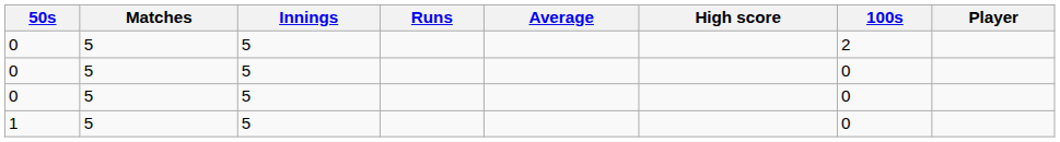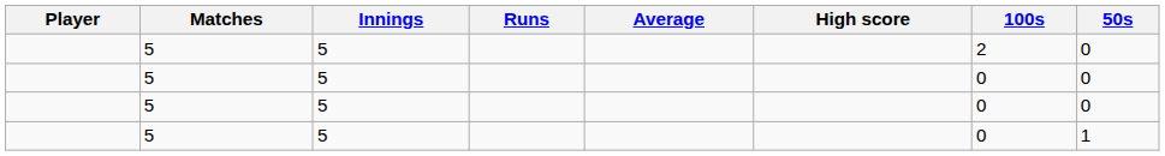 <table class="wikitable sortable" style="width:80%;">
 <tr>
-<th><a href='#'>50s</a></th>
+<th>Player</th>
 <th>Matches</th>
 <th><a href='#'>Innings</a></th>
 <th><a href='#'>Runs</a></th>
 <th><a href='#'>Average</a></th>
 <th>High score</th>
 <th><a href='#'>100s</a></th>
-<th>Player</th>
+<th><a href='#'>50s</a></th>
 </tr>
 <tr>
-<td>0</td>
+<td></td>
 <td>5</td>
 <td>5</td>
 <td></td>
 <td></td>
 <td></td>
 <td>2</td>
-<td></td>
+<td>0</td>
 </tr>
 <tr>
-<td>0</td>
+<td></td>
 <td>5</td>
 <td>5</td>
 <td></td>
 <td></td>
 <td></td>
 <td>0</td>
-<td></td>
+<td>0</td>
 </tr>
 <tr>
-<td>0</td>
+<td></td>
 <td>5</td>
 <td>5</td>
 <td></td>
 <td></td>
 <td></td>
 <td>0</td>
-<td></td>
+<td>0</td>
 </tr>
 <tr>
-<td>1</td>
+<td></td>
 <td>5</td>
 <td>5</td>
 <td></td>
 <td></td>
 <td></td>
 <td>0</td>
-<td></td>
+<td>1</td>
 </tr>
 </table>
